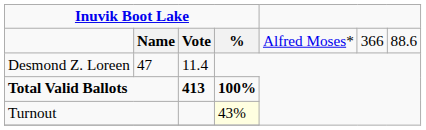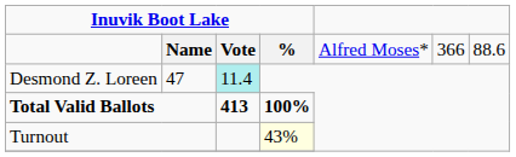 <table class="wikitable">
 <tr>
 <td colspan=4 align=center><strong><a href='#'>Inuvik Boot Lake</a></strong></td>
 </tr>
 <tr>
 <td></td>
 <th><strong>Name </strong></th>
 <th><strong>Vote</strong></th>
 <th><strong>%</strong><br></th>
 <td><a href='#'>Alfred Moses</a>*</td>
 <td>366</td>
 <td>88.6</td>
 </tr>
 <tr>
 <td>Desmond Z. Loreen</td>
 <td>47</td>
-<td>11.4</td>
+<td style="background: paleturquoise;">11.4</td>
 </tr>
 <tr>
 <td colspan=2><strong>Total Valid Ballots</strong></td>
 <td><strong>413</strong></td>
 <td><strong>100%</strong></td>
 </tr>
 <tr>
 <td colspan=2>Turnout</td>
 <td></td>
 <td style="background: lightyellow;">43%</td>
 </tr>
 <tr>
 </tr>
 </table>
